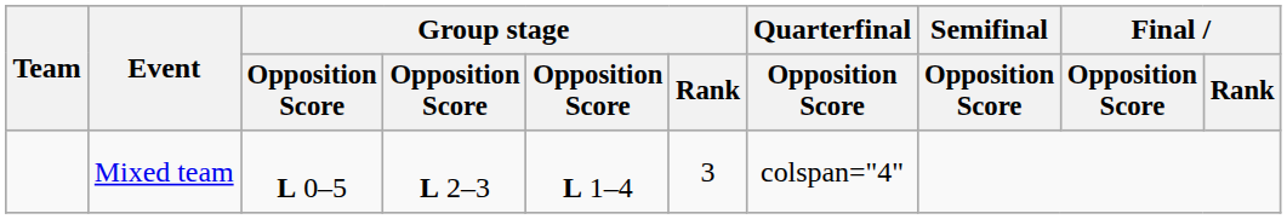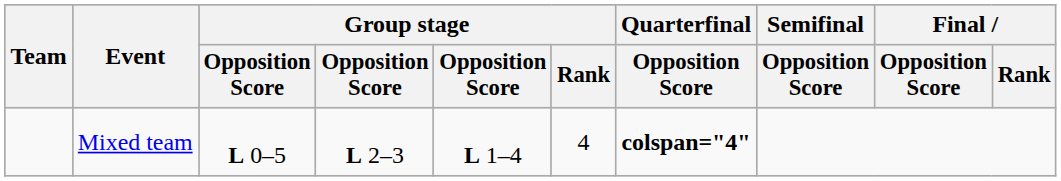 <table class=wikitable style=font-size:90%;text-align:center>
 <tr>
 <th rowspan=2>Team</th>
 <th rowspan=2>Event</th>
 <th colspan=4>Group stage</th>
 <th>Quarterfinal</th>
 <th>Semifinal</th>
 <th colspan=2>Final / </th>
 </tr>
 <tr style=font-size:95%>
 <th>Opposition<br>Score</th>
 <th>Opposition<br>Score</th>
 <th>Opposition<br>Score</th>
 <th>Rank</th>
 <th>Opposition<br>Score</th>
 <th>Opposition<br>Score</th>
 <th>Opposition<br>Score</th>
 <th>Rank</th>
 </tr>
 <tr>
 <td align=left></td>
 <td align=left><a href='#'>Mixed team</a></td>
 <td><br> <strong>L</strong> 0–5</td>
 <td><br> <strong>L</strong> 2–3</td>
 <td><br> <strong>L</strong> 1–4</td>
-<td>3</td>
-<td>colspan="4" </td>
+<td>4</td>
+<td><strong>colspan="4" </strong></td>
 </tr>
 </table>
